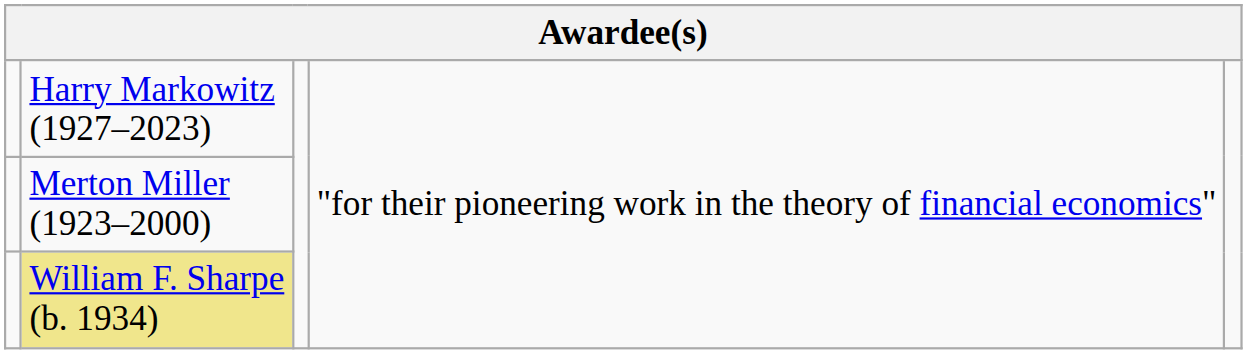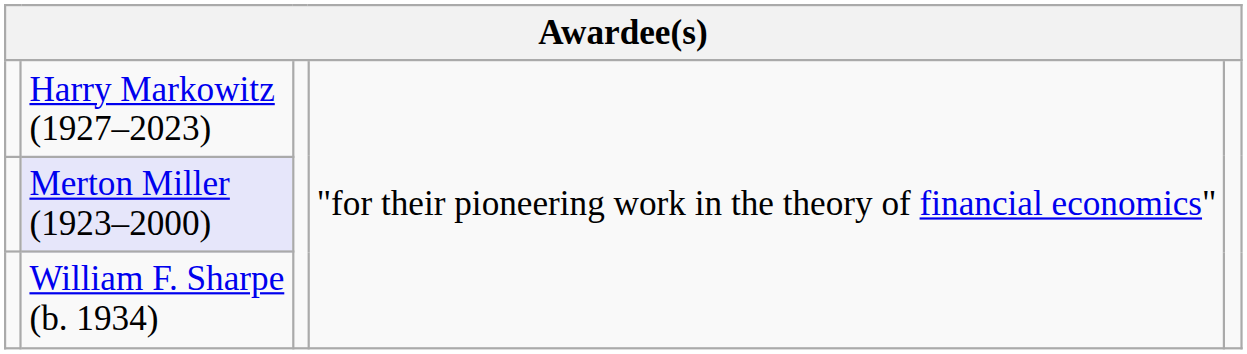 <table class="wikitable">
 <tr>
 <th colspan="5">Awardee(s)</th>
 </tr>
 <tr>
 <td></td>
 <td><a href='#'>Harry Markowitz</a><br>(1927–2023)</td>
 <td rowspan="3"></td>
 <td rowspan="3">"for their pioneering work in the theory of <a href='#'>financial economics</a>"</td>
 <td rowspan="3"></td>
 </tr>
 <tr>
 <td></td>
-<td><a href='#'>Merton Miller</a><br>(1923–2000)</td>
+<td style="background: lavender;"><a href='#'>Merton Miller</a><br>(1923–2000)</td>
 </tr>
 <tr>
 <td></td>
-<td style="background: khaki;"><a href='#'>William F. Sharpe</a><br>(b. 1934)</td>
+<td><a href='#'>William F. Sharpe</a><br>(b. 1934)</td>
 </tr>
 </table>
